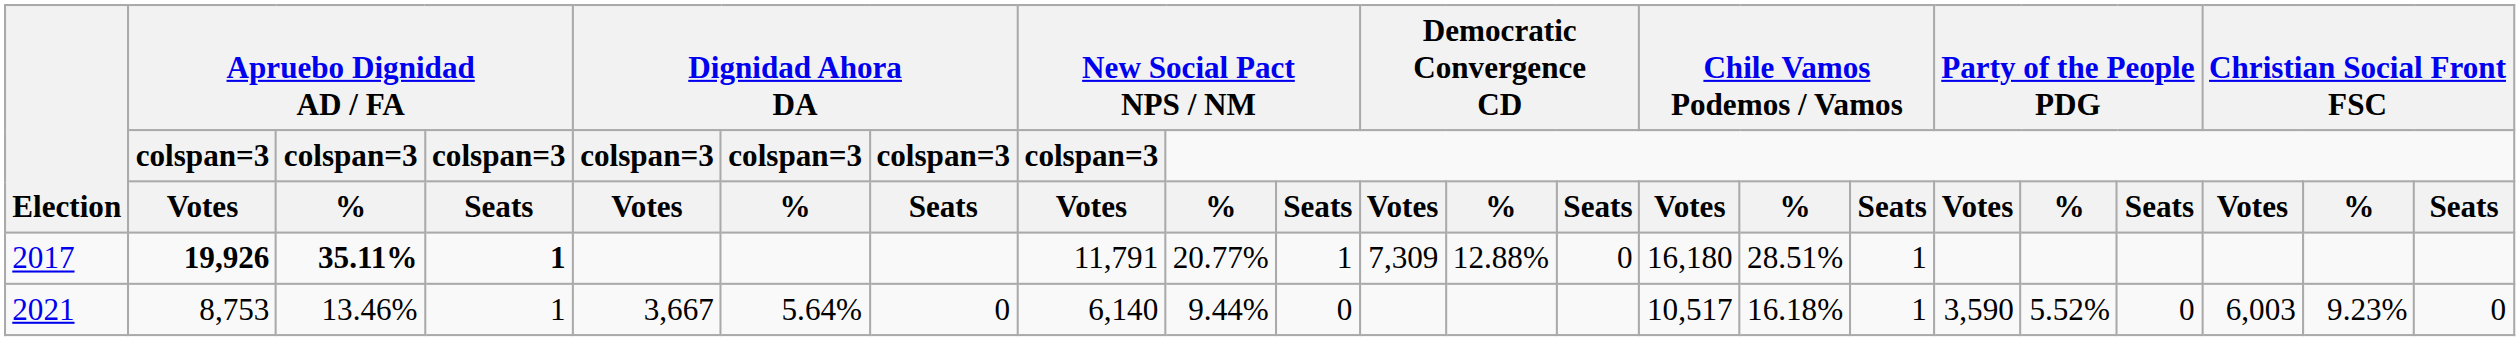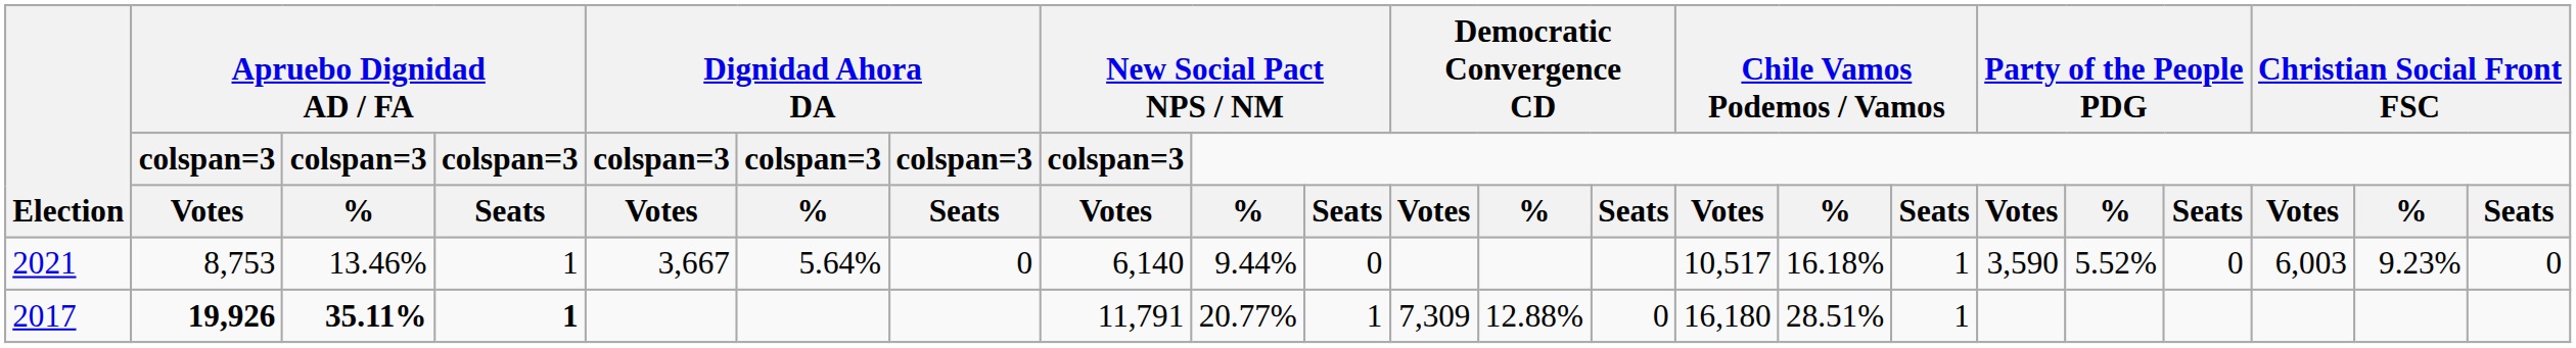 <table class="wikitable" border="1" style="font-size:95%; text-align:right;">
 <tr>
 <th style="text-align:left;" valign=bottom rowspan=3>Election</th>
 <th valign=bottom colspan=3><a href='#'>Apruebo Dignidad</a><br>AD / FA</th>
 <th valign=bottom colspan=3><a href='#'>Dignidad Ahora</a><br>DA</th>
 <th valign=bottom colspan=3><a href='#'>New Social Pact</a><br>NPS / NM</th>
 <th valign=bottom colspan=3>Democratic<br>Convergence<br>CD</th>
 <th valign=bottom colspan=3><a href='#'>Chile Vamos</a><br>Podemos / Vamos</th>
 <th valign=bottom colspan=3><a href='#'>Party of the People</a><br>PDG</th>
 <th valign=bottom colspan=3><a href='#'>Christian Social Front</a><br>FSC</th>
 </tr>
 <tr>
 <th>colspan=3 </th>
 <th>colspan=3 </th>
 <th>colspan=3 </th>
 <th>colspan=3 </th>
 <th>colspan=3 </th>
 <th>colspan=3 </th>
 <th>colspan=3 </th>
 </tr>
 <tr>
 <th>Votes</th>
 <th>%</th>
 <th>Seats</th>
 <th>Votes</th>
 <th>%</th>
 <th>Seats</th>
 <th>Votes</th>
 <th>%</th>
 <th>Seats</th>
 <th>Votes</th>
 <th>%</th>
 <th>Seats</th>
 <th>Votes</th>
 <th>%</th>
 <th>Seats</th>
 <th>Votes</th>
 <th>%</th>
 <th>Seats</th>
 <th>Votes</th>
 <th>%</th>
 <th>Seats</th>
 </tr>
 <tr>
+<td align=left><a href='#'>2021</a></td>
+<td>8,753</td>
+<td>13.46%</td>
+<td>1</td>
+<td>3,667</td>
+<td>5.64%</td>
+<td>0</td>
+<td>6,140</td>
+<td>9.44%</td>
+<td>0</td>
+<td></td>
+<td></td>
+<td></td>
+<td>10,517</td>
+<td>16.18%</td>
+<td>1</td>
+<td>3,590</td>
+<td>5.52%</td>
+<td>0</td>
+<td>6,003</td>
+<td>9.23%</td>
+<td>0</td>
+</tr>
+<tr>
 <td align=left><a href='#'>2017</a></td>
 <td><strong>19,926</strong></td>
 <td><strong>35.11%</strong></td>
 <td><strong>1</strong></td>
 <td></td>
 <td></td>
 <td></td>
 <td>11,791</td>
 <td>20.77%</td>
 <td>1</td>
 <td>7,309</td>
 <td>12.88%</td>
 <td>0</td>
 <td>16,180</td>
 <td>28.51%</td>
 <td>1</td>
 <td></td>
 <td></td>
 <td></td>
 <td></td>
 <td></td>
 <td></td>
 </tr>
-<tr>
-<td align=left><a href='#'>2021</a></td>
-<td>8,753</td>
-<td>13.46%</td>
-<td>1</td>
-<td>3,667</td>
-<td>5.64%</td>
-<td>0</td>
-<td>6,140</td>
-<td>9.44%</td>
-<td>0</td>
-<td></td>
-<td></td>
-<td></td>
-<td>10,517</td>
-<td>16.18%</td>
-<td>1</td>
-<td>3,590</td>
-<td>5.52%</td>
-<td>0</td>
-<td>6,003</td>
-<td>9.23%</td>
-<td>0</td>
-</tr>
 </table>
